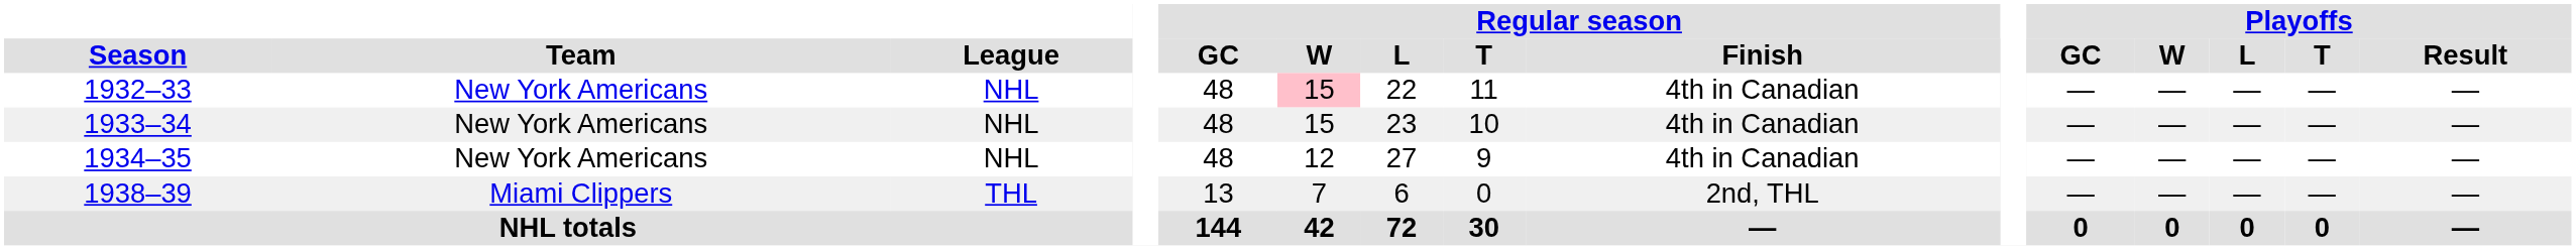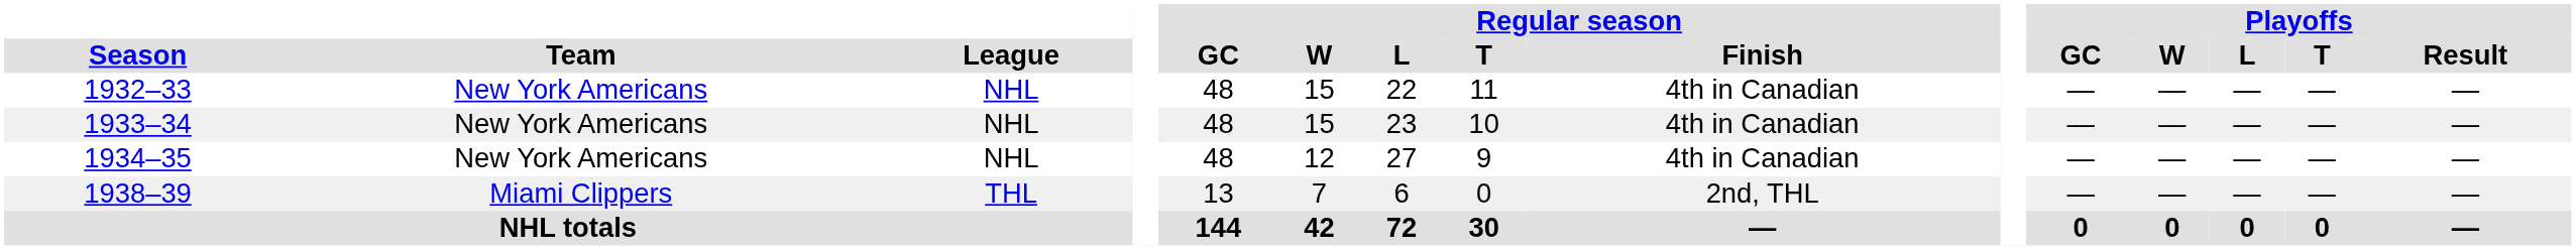 <table BORDER="0" CELLPADDING="1" CELLSPACING="0" width="75%" style="text-align:center">
 <tr bgcolor="#e0e0e0">
 <th colspan="3" bgcolor="#ffffff"> </th>
 <th rowspan="99" bgcolor="#ffffff"> </th>
 <th colspan="5"><a href='#'>Regular season</a></th>
 <th rowspan="99" bgcolor="#ffffff"> </th>
 <th colspan="5"><a href='#'>Playoffs</a></th>
 </tr>
 <tr bgcolor="#e0e0e0">
 <th><a href='#'>Season</a></th>
 <th>Team</th>
 <th>League</th>
 <th>GC</th>
 <th>W</th>
 <th>L</th>
 <th>T</th>
 <th>Finish</th>
 <th>GC</th>
 <th>W</th>
 <th>L</th>
 <th>T</th>
 <th>Result</th>
 </tr>
 <tr>
 <td><a href='#'>1932–33</a></td>
 <td><a href='#'>New York Americans</a></td>
 <td><a href='#'>NHL</a></td>
 <td>48</td>
-<td style="background: pink;">15</td>
+<td>15</td>
 <td>22</td>
 <td>11</td>
 <td>4th in Canadian</td>
 <td>—</td>
 <td>—</td>
 <td>—</td>
 <td>—</td>
 <td>—</td>
 </tr>
 <tr bgcolor="#f0f0f0">
 <td><a href='#'>1933–34</a></td>
 <td>New York Americans</td>
 <td>NHL</td>
 <td>48</td>
 <td>15</td>
 <td>23</td>
 <td>10</td>
 <td>4th in Canadian</td>
 <td>—</td>
 <td>—</td>
 <td>—</td>
 <td>—</td>
 <td>—</td>
 </tr>
 <tr>
 <td><a href='#'>1934–35</a></td>
 <td>New York Americans</td>
 <td>NHL</td>
 <td>48</td>
 <td>12</td>
 <td>27</td>
 <td>9</td>
 <td>4th in Canadian</td>
 <td>—</td>
 <td>—</td>
 <td>—</td>
 <td>—</td>
 <td>—</td>
 </tr>
 <tr bgcolor="#f0f0f0">
 <td><a href='#'>1938–39</a></td>
 <td><a href='#'>Miami Clippers</a></td>
 <td><a href='#'>THL</a></td>
 <td>13</td>
 <td>7</td>
 <td>6</td>
 <td>0</td>
 <td>2nd, THL</td>
 <td>—</td>
 <td>—</td>
 <td>—</td>
 <td>—</td>
 <td>—</td>
 </tr>
 <tr bgcolor="#e0e0e0">
 <th colspan="3">NHL totals</th>
 <th>144</th>
 <th>42</th>
 <th>72</th>
 <th>30</th>
 <th>—</th>
 <th>0</th>
 <th>0</th>
 <th>0</th>
 <th>0</th>
 <th>—</th>
 </tr>
 </table>
